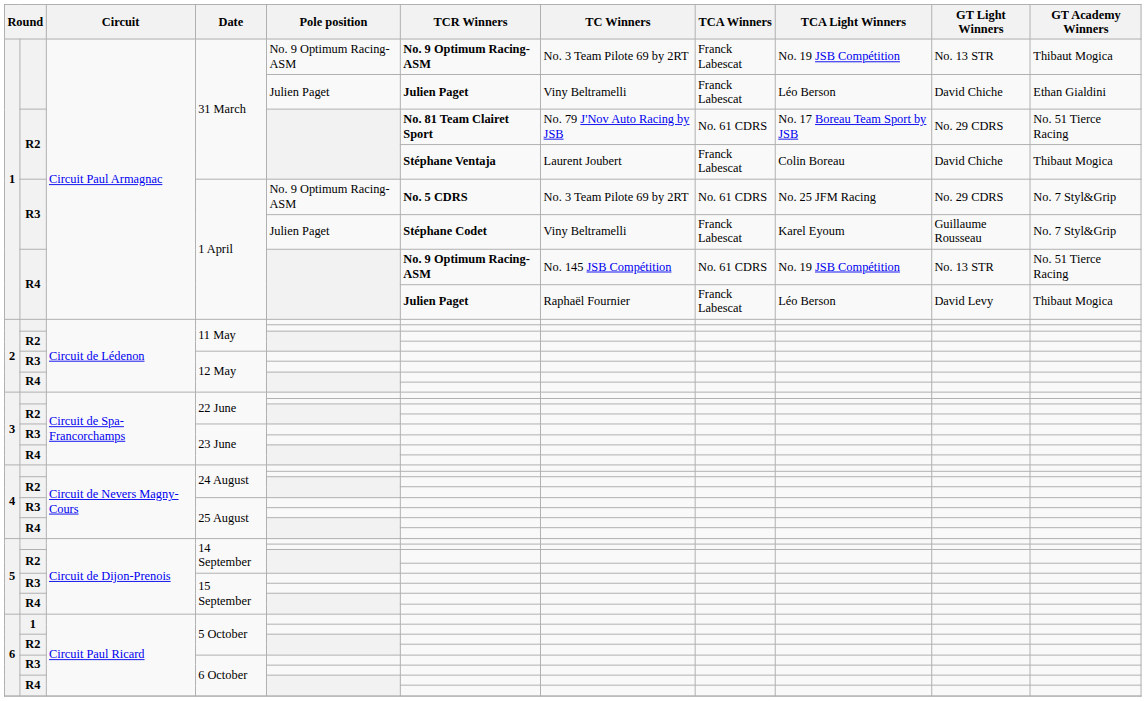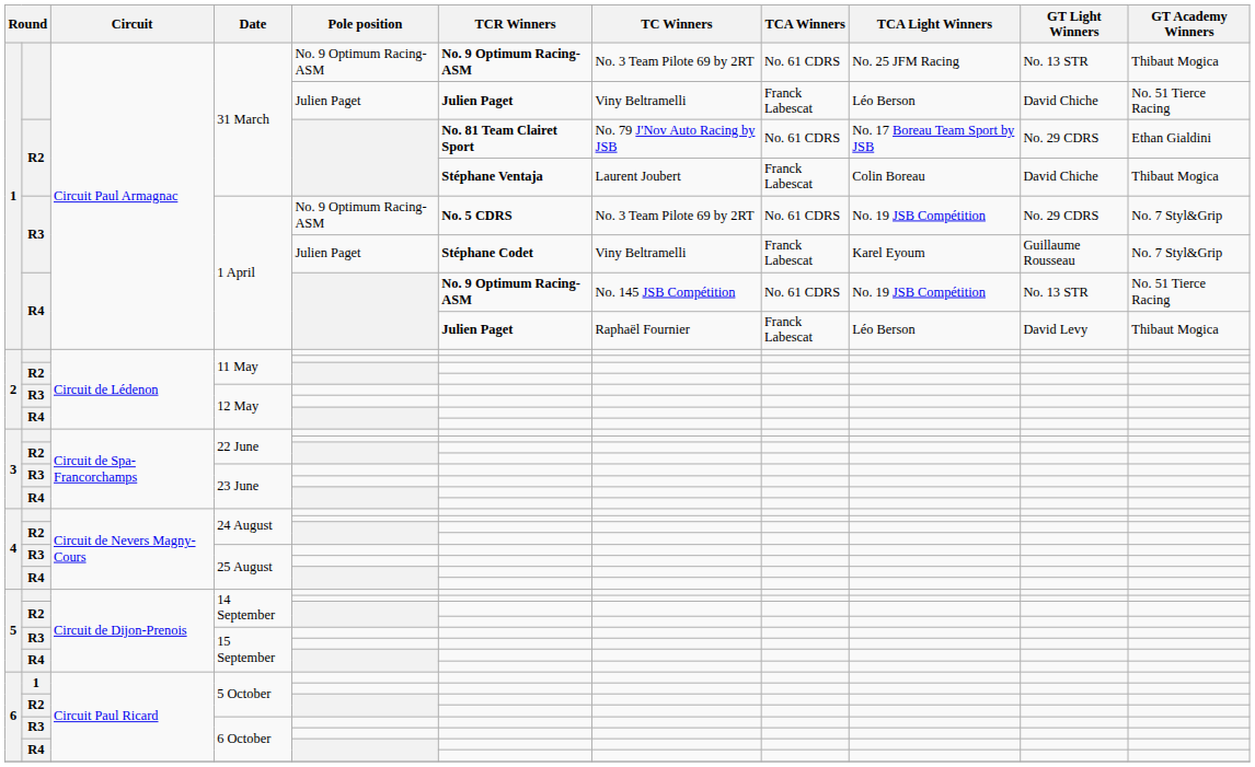 <table class="wikitable" style="font-size:85%;">
 <tr>
 <th colspan="2">Round</th>
 <th>Circuit</th>
 <th>Date</th>
 <th>Pole position</th>
 <th>TCR Winners</th>
 <th>TC Winners</th>
 <th>TCA Winners</th>
 <th>TCA Light Winners</th>
 <th>GT Light Winners</th>
 <th>GT Academy Winners</th>
 </tr>
 <tr>
 <th rowspan=8>1</th>
 <th rowspan=2></th>
 <td rowspan=8> <a href='#'>Circuit Paul Armagnac</a></td>
 <td rowspan=4>31 March</td>
 <td> No. 9 Optimum Racing-ASM</td>
 <td><strong> No. 9 Optimum Racing-ASM</strong></td>
 <td> No. 3 Team Pilote 69 by 2RT</td>
-<td> Franck Labescat</td>
-<td> No. 19 <a href='#'>JSB Compétition</a></td>
+<td> No. 61 CDRS</td>
+<td> No. 25 JFM Racing</td>
 <td> No. 13 STR</td>
 <td> Thibaut Mogica</td>
 </tr>
 <tr>
 <td> Julien Paget</td>
 <td><strong> Julien Paget</strong></td>
 <td> Viny Beltramelli</td>
 <td> Franck Labescat</td>
 <td> Léo Berson</td>
 <td> David Chiche</td>
-<td> Ethan Gialdini</td>
+<td> No. 51 Tierce Racing</td>
 </tr>
 <tr>
 <th rowspan=2>R2</th>
 <th rowspan=2></th>
 <td><strong> No. 81 Team Clairet Sport</strong></td>
 <td> No. 79 <a href='#'>J'Nov Auto Racing by JSB</a></td>
 <td> No. 61 CDRS</td>
 <td> No. 17 <a href='#'>Boreau Team Sport by JSB</a></td>
 <td> No. 29 CDRS</td>
-<td> No. 51 Tierce Racing</td>
+<td> Ethan Gialdini</td>
 </tr>
 <tr>
 <td><strong> Stéphane Ventaja</strong></td>
 <td> Laurent Joubert</td>
 <td> Franck Labescat</td>
 <td> Colin Boreau</td>
 <td> David Chiche</td>
 <td> Thibaut Mogica</td>
 </tr>
 <tr>
 <th rowspan=2>R3</th>
 <td rowspan=4>1 April</td>
 <td> No. 9 Optimum Racing-ASM</td>
 <td><strong>  No. 5 CDRS</strong></td>
 <td> No. 3 Team Pilote 69 by 2RT</td>
 <td> No. 61 CDRS</td>
-<td> No. 25 JFM Racing</td>
+<td> No. 19 <a href='#'>JSB Compétition</a></td>
 <td> No. 29 CDRS</td>
 <td> No. 7 Styl&Grip</td>
 </tr>
 <tr>
 <td> Julien Paget</td>
 <td><strong> Stéphane Codet</strong></td>
 <td> Viny Beltramelli</td>
 <td> Franck Labescat</td>
 <td> Karel Eyoum</td>
 <td> Guillaume Rousseau</td>
 <td> No. 7 Styl&Grip</td>
 </tr>
 <tr>
 <th rowspan=2>R4</th>
 <th rowspan=2></th>
 <td><strong> No. 9 Optimum Racing-ASM</strong></td>
 <td> No. 145 <a href='#'>JSB Compétition</a></td>
 <td> No. 61 CDRS</td>
 <td> No. 19 <a href='#'>JSB Compétition</a></td>
 <td> No. 13 STR</td>
 <td> No. 51 Tierce Racing</td>
 </tr>
 <tr>
 <td><strong> Julien Paget</strong></td>
 <td> Raphaël Fournier</td>
 <td> Franck Labescat</td>
 <td> Léo Berson</td>
 <td> David Levy</td>
 <td> Thibaut Mogica</td>
 </tr>
 <tr>
 <th rowspan=8>2</th>
 <th rowspan=2></th>
 <td rowspan=8> <a href='#'>Circuit de Lédenon</a></td>
 <td rowspan=4>11 May</td>
 <td></td>
 <td></td>
 <td></td>
 <td></td>
 <td></td>
 <td></td>
 <td></td>
 </tr>
 <tr>
 <td></td>
 <td></td>
 <td></td>
 <td></td>
 <td></td>
 <td></td>
 <td></td>
 </tr>
 <tr>
 <th rowspan=2>R2</th>
 <th rowspan=2></th>
 <td></td>
 <td></td>
 <td></td>
 <td></td>
 <td></td>
 <td></td>
 </tr>
 <tr>
 <td></td>
 <td></td>
 <td></td>
 <td></td>
 <td></td>
 <td></td>
 </tr>
 <tr>
 <th rowspan=2>R3</th>
 <td rowspan=4>12 May</td>
 <td></td>
 <td></td>
 <td></td>
 <td></td>
 <td></td>
 <td></td>
 <td></td>
 </tr>
 <tr>
 <td></td>
 <td></td>
 <td></td>
 <td></td>
 <td></td>
 <td></td>
 <td></td>
 </tr>
 <tr>
 <th rowspan=2>R4</th>
 <th rowspan=2></th>
 <td></td>
 <td></td>
 <td></td>
 <td></td>
 <td></td>
 <td></td>
 </tr>
 <tr>
 <td></td>
 <td></td>
 <td></td>
 <td></td>
 <td></td>
 <td></td>
 </tr>
 <tr>
 <th rowspan=8>3</th>
 <th rowspan=2></th>
 <td rowspan=8> <a href='#'>Circuit de Spa-Francorchamps</a></td>
 <td rowspan=4>22 June</td>
 <td></td>
 <td></td>
 <td></td>
 <td></td>
 <td></td>
 <td></td>
 <td></td>
 </tr>
 <tr>
 <td></td>
 <td></td>
 <td></td>
 <td></td>
 <td></td>
 <td></td>
 <td></td>
 </tr>
 <tr>
 <th rowspan=2>R2</th>
 <th rowspan=2></th>
 <td></td>
 <td></td>
 <td></td>
 <td></td>
 <td></td>
 <td></td>
 </tr>
 <tr>
 <td></td>
 <td></td>
 <td></td>
 <td></td>
 <td></td>
 <td></td>
 </tr>
 <tr>
 <th rowspan=2>R3</th>
 <td rowspan=4>23 June</td>
 <td></td>
 <td></td>
 <td></td>
 <td></td>
 <td></td>
 <td></td>
 <td></td>
 </tr>
 <tr>
 <td></td>
 <td></td>
 <td></td>
 <td></td>
 <td></td>
 <td></td>
 <td></td>
 </tr>
 <tr>
 <th rowspan=2>R4</th>
 <th rowspan=2></th>
 <td></td>
 <td></td>
 <td></td>
 <td></td>
 <td></td>
 <td></td>
 </tr>
 <tr>
 <td></td>
 <td></td>
 <td></td>
 <td></td>
 <td></td>
 <td></td>
 </tr>
 <tr>
 <th rowspan=8>4</th>
 <th rowspan=2></th>
 <td rowspan=8> <a href='#'>Circuit de Nevers Magny-Cours</a></td>
 <td rowspan=4>24 August</td>
 <td></td>
 <td></td>
 <td></td>
 <td></td>
 <td></td>
 <td></td>
 <td></td>
 </tr>
 <tr>
 <td></td>
 <td></td>
 <td></td>
 <td></td>
 <td></td>
 <td></td>
 <td></td>
 </tr>
 <tr>
 <th rowspan=2>R2</th>
 <th rowspan=2></th>
 <td></td>
 <td></td>
 <td></td>
 <td></td>
 <td></td>
 <td></td>
 </tr>
 <tr>
 <td></td>
 <td></td>
 <td></td>
 <td></td>
 <td></td>
 <td></td>
 </tr>
 <tr>
 <th rowspan=2>R3</th>
 <td rowspan=4>25 August</td>
 <td></td>
 <td></td>
 <td></td>
 <td></td>
 <td></td>
 <td></td>
 <td></td>
 </tr>
 <tr>
 <td></td>
 <td></td>
 <td></td>
 <td></td>
 <td></td>
 <td></td>
 <td></td>
 </tr>
 <tr>
 <th rowspan=2>R4</th>
 <th rowspan=2></th>
 <td></td>
 <td></td>
 <td></td>
 <td></td>
 <td></td>
 <td></td>
 </tr>
 <tr>
 <td></td>
 <td></td>
 <td></td>
 <td></td>
 <td></td>
 <td></td>
 </tr>
 <tr>
 <th rowspan=8>5</th>
 <th rowspan=2></th>
 <td rowspan=8> <a href='#'>Circuit de Dijon-Prenois</a></td>
 <td rowspan=4>14 September</td>
 <td></td>
 <td></td>
 <td></td>
 <td></td>
 <td></td>
 <td></td>
 <td></td>
 </tr>
 <tr>
 <td></td>
 <td></td>
 <td></td>
 <td></td>
 <td></td>
 <td></td>
 <td></td>
 </tr>
 <tr>
 <th rowspan=2>R2</th>
 <th rowspan=2></th>
 <td></td>
 <td></td>
 <td></td>
 <td></td>
 <td></td>
 <td></td>
 </tr>
 <tr>
 <td></td>
 <td></td>
 <td></td>
 <td></td>
 <td></td>
 <td></td>
 </tr>
 <tr>
 <th rowspan=2>R3</th>
 <td rowspan=4>15 September</td>
 <td></td>
 <td></td>
 <td></td>
 <td></td>
 <td></td>
 <td></td>
 <td></td>
 </tr>
 <tr>
 <td></td>
 <td></td>
 <td></td>
 <td></td>
 <td></td>
 <td></td>
 <td></td>
 </tr>
 <tr>
 <th rowspan=2>R4</th>
 <th rowspan=2></th>
 <td></td>
 <td></td>
 <td></td>
 <td></td>
 <td></td>
 <td></td>
 </tr>
 <tr>
 <td></td>
 <td></td>
 <td></td>
 <td></td>
 <td></td>
 <td></td>
 </tr>
 <tr>
 <th rowspan=8>6</th>
 <th rowspan=2>1</th>
 <td rowspan=8> <a href='#'>Circuit Paul Ricard</a></td>
 <td rowspan=4>5 October</td>
 <td></td>
 <td></td>
 <td></td>
 <td></td>
 <td></td>
 <td></td>
 <td></td>
 </tr>
 <tr>
 <td></td>
 <td></td>
 <td></td>
 <td></td>
 <td></td>
 <td></td>
 <td></td>
 </tr>
 <tr>
 <th rowspan=2>R2</th>
 <th rowspan=2></th>
 <td></td>
 <td></td>
 <td></td>
 <td></td>
 <td></td>
 <td></td>
 </tr>
 <tr>
 <td></td>
 <td></td>
 <td></td>
 <td></td>
 <td></td>
 <td></td>
 </tr>
 <tr>
 <th rowspan=2>R3</th>
 <td rowspan=4>6 October</td>
 <td></td>
 <td></td>
 <td></td>
 <td></td>
 <td></td>
 <td></td>
 <td></td>
 </tr>
 <tr>
 <td></td>
 <td></td>
 <td></td>
 <td></td>
 <td></td>
 <td></td>
 <td></td>
 </tr>
 <tr>
 <th rowspan=2>R4</th>
 <th rowspan=2></th>
 <td></td>
 <td></td>
 <td></td>
 <td></td>
 <td></td>
 <td></td>
 </tr>
 <tr>
 <td></td>
 <td></td>
 <td></td>
 <td></td>
 <td></td>
 <td></td>
 </tr>
 <tr>
 </tr>
 </table>
